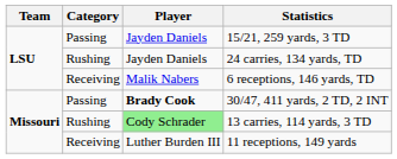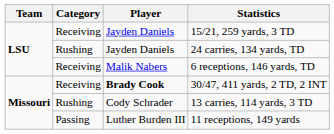 <table class="wikitable" style="float: right;">
 <tr>
 <th>Team</th>
 <th>Category</th>
 <th>Player</th>
 <th>Statistics</th>
 </tr>
 <tr>
 <td rowspan=3><strong>LSU</strong></td>
-<td>Passing</td>
+<td>Receiving</td>
 <td><a href='#'>Jayden Daniels</a></td>
 <td>15/21, 259 yards, 3 TD</td>
 </tr>
 <tr>
 <td>Rushing</td>
 <td>Jayden Daniels</td>
 <td>24 carries, 134 yards, TD</td>
 </tr>
 <tr>
 <td>Receiving</td>
 <td><a href='#'>Malik Nabers</a></td>
 <td>6 receptions, 146 yards, TD</td>
 </tr>
 <tr>
 <td rowspan=3><strong>Missouri</strong></td>
-<td>Passing</td>
+<td>Receiving</td>
 <td><strong>Brady Cook</strong></td>
 <td>30/47, 411 yards, 2 TD, 2 INT</td>
 </tr>
 <tr>
 <td>Rushing</td>
-<td style="background: lightgreen;">Cody Schrader</td>
+<td>Cody Schrader</td>
 <td>13 carries, 114 yards, 3 TD</td>
 </tr>
 <tr>
-<td>Receiving</td>
+<td>Passing</td>
 <td>Luther Burden III</td>
 <td>11 receptions, 149 yards</td>
 </tr>
 </table>
